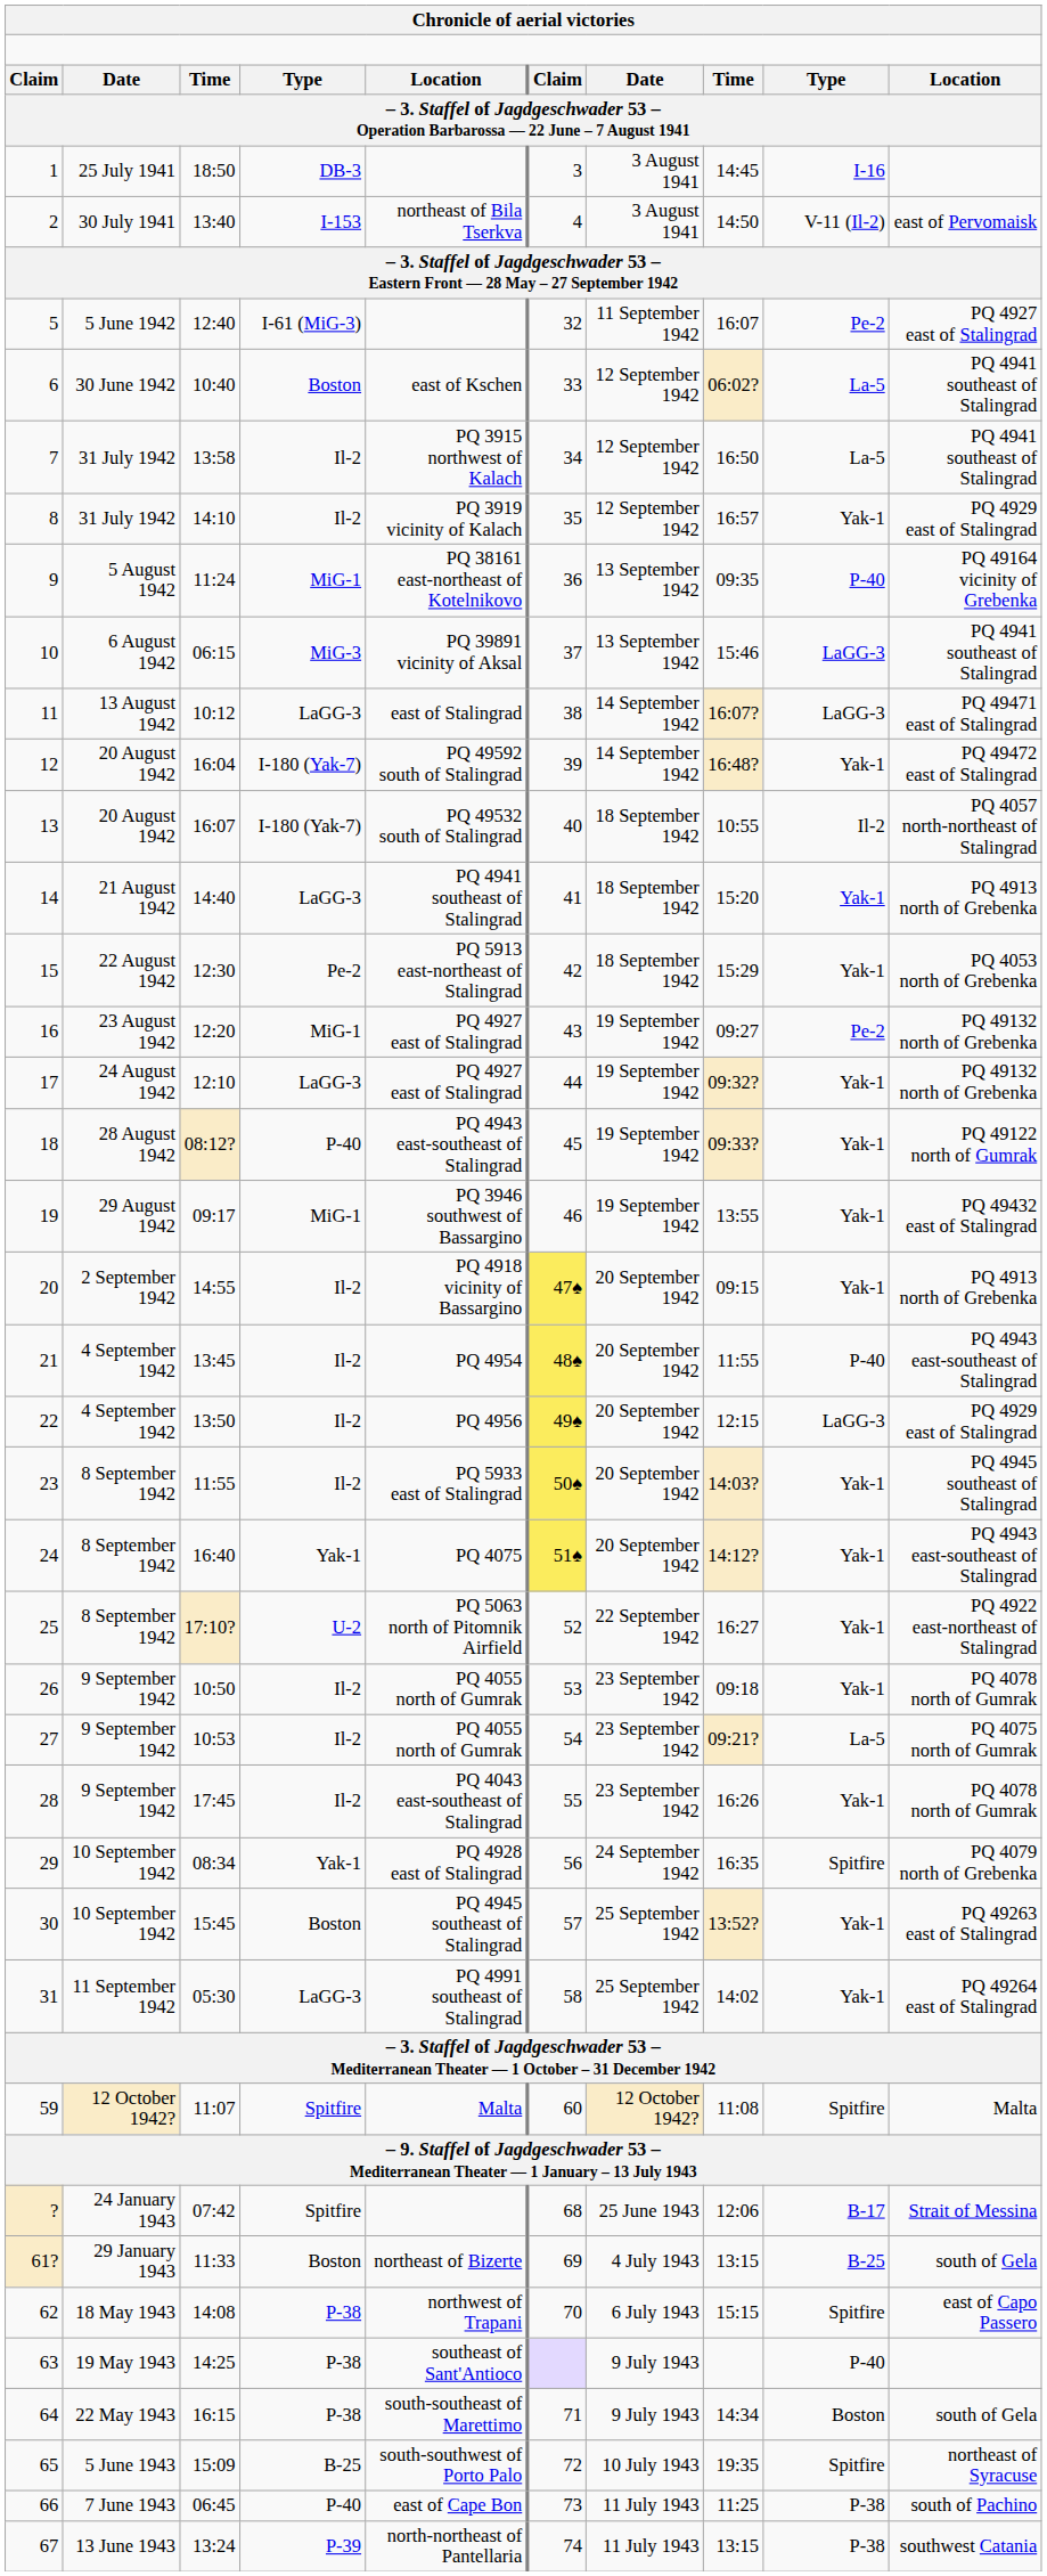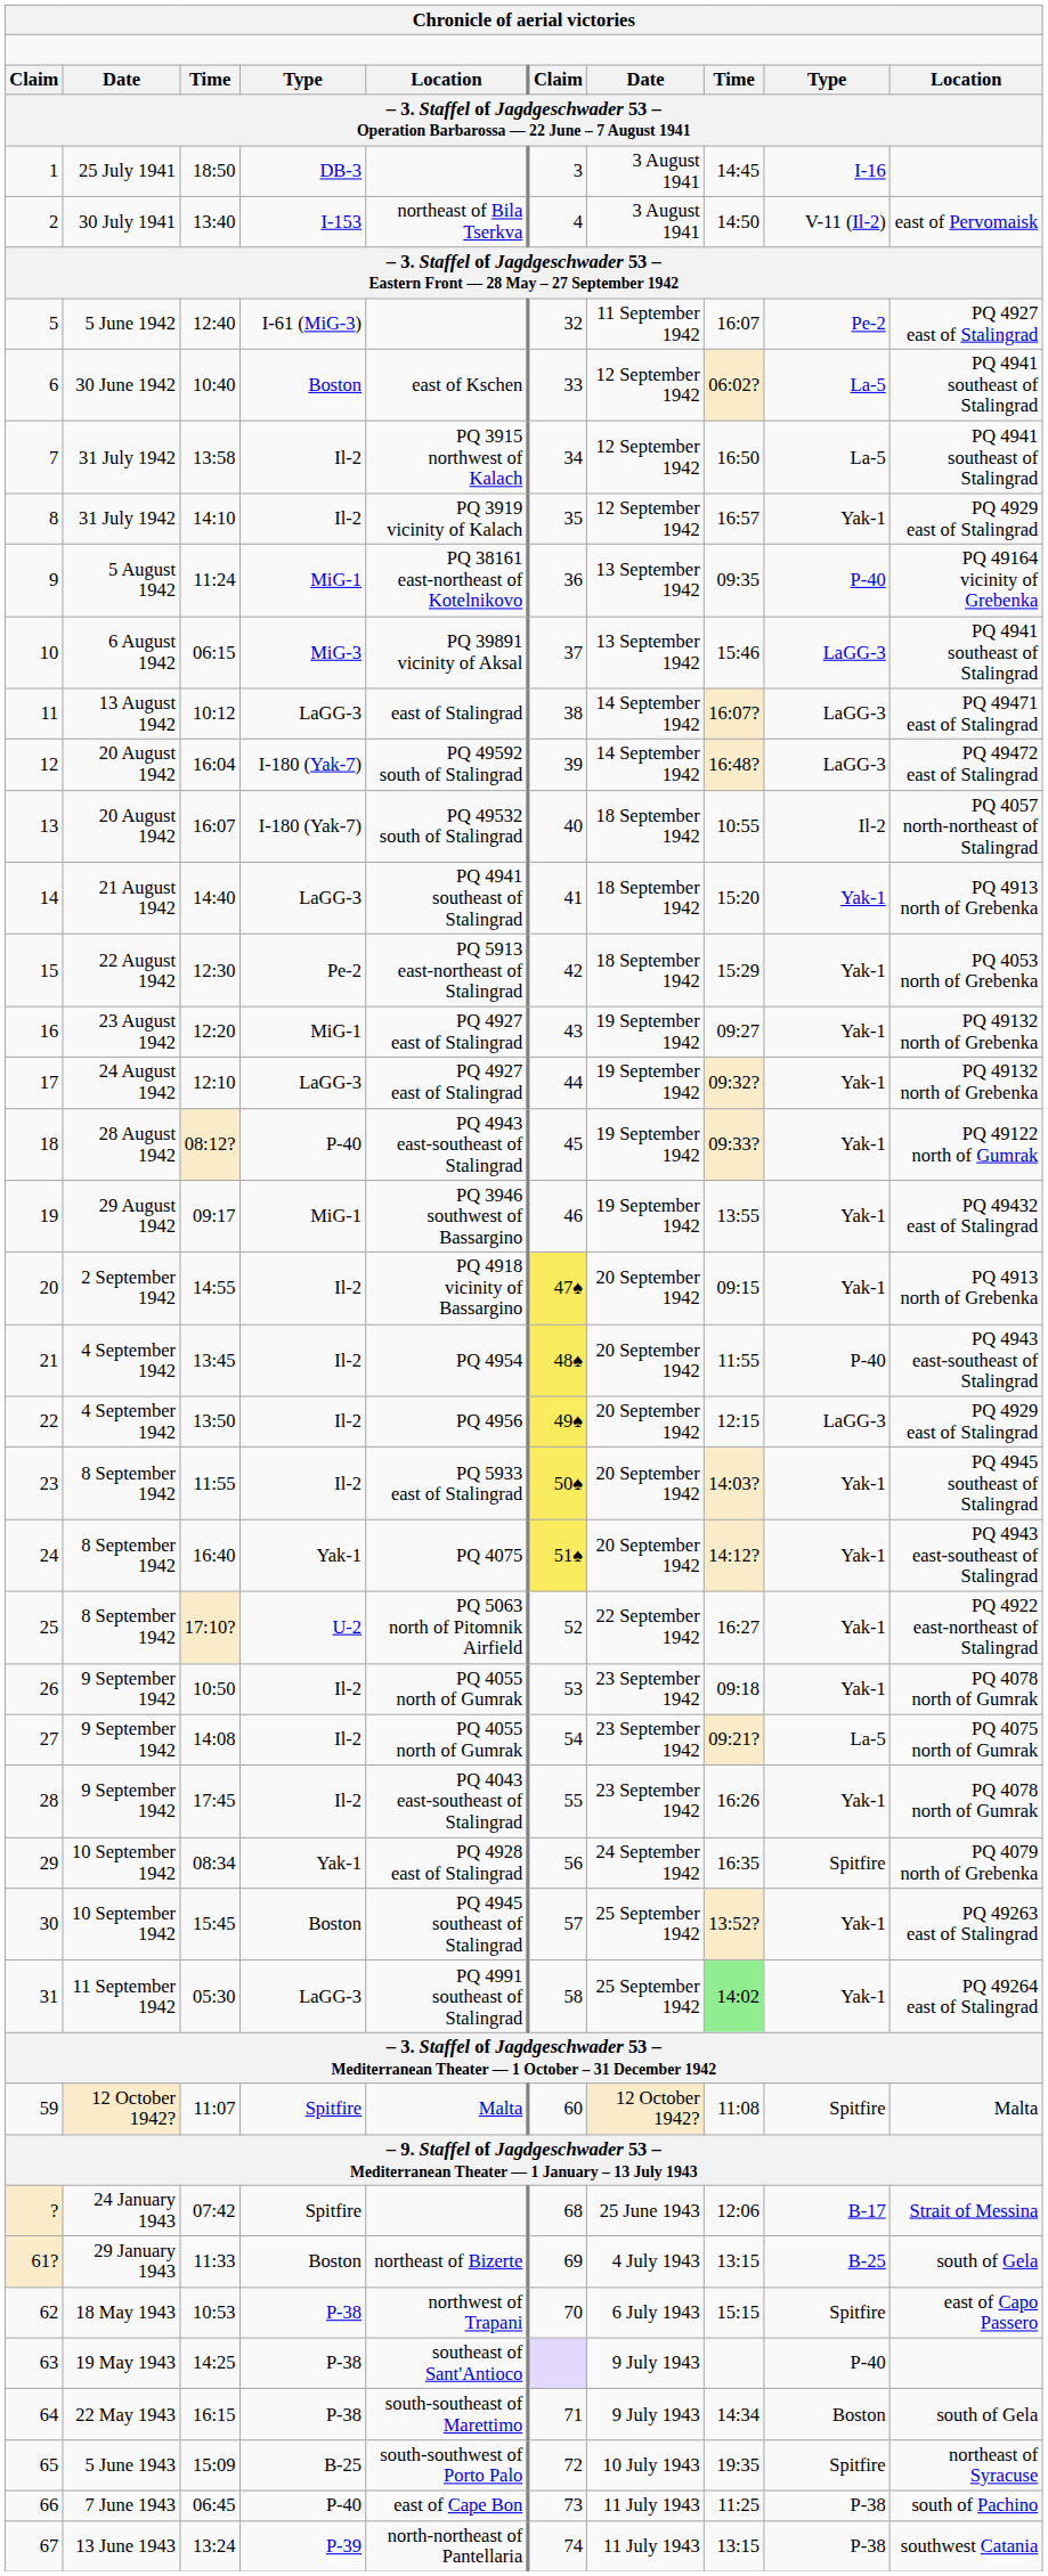 <table class="wikitable plainrowheaders collapsible" style="margin-left: auto; margin-right: auto; border: none; text-align:right; width: 100%;">
 <tr>
 <th colspan="10">Chronicle of aerial victories</th>
 </tr>
 <tr>
 <td colspan="10" style="text-align: left;"><br>  </td>
 </tr>
 <tr>
 <th scope="col">Claim</th>
 <th scope="col">Date</th>
 <th scope="col">Time</th>
 <th scope="col" width="100px">Type</th>
 <th scope="col">Location</th>
 <th scope="col" style="border-left: 3px solid grey;">Claim</th>
 <th scope="col">Date</th>
 <th scope="col">Time</th>
 <th scope="col" width="100px">Type</th>
 <th scope="col">Location</th>
 </tr>
 <tr>
 <th colspan="10">– 3. <em>Staffel</em> of <em>Jagdgeschwader</em> 53 –<br><small>Operation Barbarossa — 22 June – 7 August 1941</small></th>
 </tr>
 <tr>
 <td>1</td>
 <td>25 July 1941</td>
 <td>18:50</td>
 <td><a href='#'>DB-3</a></td>
 <td></td>
 <td style="border-left: 3px solid grey;">3</td>
 <td>3 August 1941</td>
 <td>14:45</td>
 <td><a href='#'>I-16</a></td>
 <td></td>
 </tr>
 <tr>
 <td>2</td>
 <td>30 July 1941</td>
 <td>13:40</td>
 <td><a href='#'>I-153</a></td>
 <td>northeast of <a href='#'>Bila Tserkva</a></td>
 <td style="border-left: 3px solid grey;">4</td>
 <td>3 August 1941</td>
 <td>14:50</td>
 <td>V-11 (<a href='#'>Il-2</a>)</td>
 <td>east of <a href='#'>Pervomaisk</a></td>
 </tr>
 <tr>
 <th colspan="10">– 3. <em>Staffel</em> of <em>Jagdgeschwader</em> 53 –<br><small>Eastern Front — 28 May – 27 September 1942</small></th>
 </tr>
 <tr>
 <td>5</td>
 <td>5 June 1942</td>
 <td>12:40</td>
 <td>I-61 (<a href='#'>MiG-3</a>)</td>
 <td></td>
 <td style="border-left: 3px solid grey;">32</td>
 <td>11 September 1942</td>
 <td>16:07</td>
 <td><a href='#'>Pe-2</a></td>
 <td>PQ 4927<br> east of <a href='#'>Stalingrad</a></td>
 </tr>
 <tr>
 <td>6</td>
 <td>30 June 1942</td>
 <td>10:40</td>
 <td><a href='#'>Boston</a></td>
 <td> east of Kschen</td>
 <td style="border-left: 3px solid grey;">33</td>
 <td>12 September 1942</td>
 <td style="background:#faecc8">06:02?</td>
 <td><a href='#'>La-5</a></td>
 <td>PQ 4941<br> southeast of Stalingrad</td>
 </tr>
 <tr>
 <td>7</td>
 <td>31 July 1942</td>
 <td>13:58</td>
 <td>Il-2</td>
 <td>PQ 3915<br> northwest of <a href='#'>Kalach</a></td>
 <td style="border-left: 3px solid grey;">34</td>
 <td>12 September 1942</td>
 <td>16:50</td>
 <td>La-5</td>
 <td>PQ 4941<br> southeast of Stalingrad</td>
 </tr>
 <tr>
 <td>8</td>
 <td>31 July 1942</td>
 <td>14:10</td>
 <td>Il-2</td>
 <td>PQ 3919<br>vicinity of Kalach</td>
 <td style="border-left: 3px solid grey;">35</td>
 <td>12 September 1942</td>
 <td>16:57</td>
 <td>Yak-1</td>
 <td>PQ 4929<br> east of Stalingrad</td>
 </tr>
 <tr>
 <td>9</td>
 <td>5 August 1942</td>
 <td>11:24</td>
 <td><a href='#'>MiG-1</a></td>
 <td>PQ 38161<br> east-northeast of <a href='#'>Kotelnikovo</a></td>
 <td style="border-left: 3px solid grey;">36</td>
 <td>13 September 1942</td>
 <td>09:35</td>
 <td><a href='#'>P-40</a></td>
 <td>PQ 49164<br>vicinity of <a href='#'>Grebenka</a></td>
 </tr>
 <tr>
 <td>10</td>
 <td>6 August 1942</td>
 <td>06:15</td>
 <td><a href='#'>MiG-3</a></td>
 <td>PQ 39891<br>vicinity of Aksal</td>
 <td style="border-left: 3px solid grey;">37</td>
 <td>13 September 1942</td>
 <td>15:46</td>
 <td><a href='#'>LaGG-3</a></td>
 <td>PQ 4941<br> southeast of Stalingrad</td>
 </tr>
 <tr>
 <td>11</td>
 <td>13 August 1942</td>
 <td>10:12</td>
 <td>LaGG-3</td>
 <td>east of Stalingrad</td>
 <td style="border-left: 3px solid grey;">38</td>
 <td>14 September 1942</td>
 <td style="background:#faecc8">16:07?</td>
 <td>LaGG-3</td>
 <td>PQ 49471<br> east of Stalingrad</td>
 </tr>
 <tr>
 <td>12</td>
 <td>20 August 1942</td>
 <td>16:04</td>
 <td>I-180 (<a href='#'>Yak-7</a>)</td>
 <td>PQ 49592<br> south of Stalingrad</td>
 <td style="border-left: 3px solid grey;">39</td>
 <td>14 September 1942</td>
 <td style="background:#faecc8">16:48?</td>
-<td>Yak-1</td>
+<td>LaGG-3</td>
 <td>PQ 49472<br> east of Stalingrad</td>
 </tr>
 <tr>
 <td>13</td>
 <td>20 August 1942</td>
 <td>16:07</td>
 <td>I-180 (Yak-7)</td>
 <td>PQ 49532<br> south of Stalingrad</td>
 <td style="border-left: 3px solid grey;">40</td>
 <td>18 September 1942</td>
 <td>10:55</td>
 <td>Il-2</td>
 <td>PQ 4057<br> north-northeast of Stalingrad</td>
 </tr>
 <tr>
 <td>14</td>
 <td>21 August 1942</td>
 <td>14:40</td>
 <td>LaGG-3</td>
 <td>PQ 4941<br> southeast of Stalingrad</td>
 <td style="border-left: 3px solid grey;">41</td>
 <td>18 September 1942</td>
 <td>15:20</td>
 <td><a href='#'>Yak-1</a></td>
 <td>PQ 4913<br> north of Grebenka</td>
 </tr>
 <tr>
 <td>15</td>
 <td>22 August 1942</td>
 <td>12:30</td>
 <td>Pe-2</td>
 <td>PQ 5913<br> east-northeast of Stalingrad</td>
 <td style="border-left: 3px solid grey;">42</td>
 <td>18 September 1942</td>
 <td>15:29</td>
 <td>Yak-1</td>
 <td>PQ 4053<br> north of Grebenka</td>
 </tr>
 <tr>
 <td>16</td>
 <td>23 August 1942</td>
 <td>12:20</td>
 <td>MiG-1</td>
 <td>PQ 4927<br> east of Stalingrad</td>
 <td style="border-left: 3px solid grey;">43</td>
 <td>19 September 1942</td>
 <td>09:27</td>
-<td><a href='#'>Pe-2</a></td>
+<td>Yak-1</td>
 <td>PQ 49132<br> north of Grebenka</td>
 </tr>
 <tr>
 <td>17</td>
 <td>24 August 1942</td>
 <td>12:10</td>
 <td>LaGG-3</td>
 <td>PQ 4927<br> east of Stalingrad</td>
 <td style="border-left: 3px solid grey;">44</td>
 <td>19 September 1942</td>
 <td style="background:#faecc8">09:32?</td>
 <td>Yak-1</td>
 <td>PQ 49132<br> north of Grebenka</td>
 </tr>
 <tr>
 <td>18</td>
 <td>28 August 1942</td>
 <td style="background:#faecc8">08:12?</td>
 <td>P-40</td>
 <td>PQ 4943<br> east-southeast of Stalingrad</td>
 <td style="border-left: 3px solid grey;">45</td>
 <td>19 September 1942</td>
 <td style="background:#faecc8">09:33?</td>
 <td>Yak-1</td>
 <td>PQ 49122<br> north of <a href='#'>Gumrak</a></td>
 </tr>
 <tr>
 <td>19</td>
 <td>29 August 1942</td>
 <td>09:17</td>
 <td>MiG-1</td>
 <td>PQ 3946<br> southwest of Bassargino</td>
 <td style="border-left: 3px solid grey;">46</td>
 <td>19 September 1942</td>
 <td>13:55</td>
 <td>Yak-1</td>
 <td>PQ 49432<br> east of Stalingrad</td>
 </tr>
 <tr>
 <td>20</td>
 <td>2 September 1942</td>
 <td>14:55</td>
 <td>Il-2</td>
 <td>PQ 4918<br>vicinity of Bassargino</td>
 <td style="border-left: 3px solid grey; background:#fbec5d;">47♠</td>
 <td>20 September 1942</td>
 <td>09:15</td>
 <td>Yak-1</td>
 <td>PQ 4913<br> north of Grebenka</td>
 </tr>
 <tr>
 <td>21</td>
 <td>4 September 1942</td>
 <td>13:45</td>
 <td>Il-2</td>
 <td>PQ 4954</td>
 <td style="border-left: 3px solid grey; background:#fbec5d;">48♠</td>
 <td>20 September 1942</td>
 <td>11:55</td>
 <td>P-40</td>
 <td>PQ 4943<br> east-southeast of Stalingrad</td>
 </tr>
 <tr>
 <td>22</td>
 <td>4 September 1942</td>
 <td>13:50</td>
 <td>Il-2</td>
 <td>PQ 4956</td>
 <td style="border-left: 3px solid grey; background:#fbec5d;">49♠</td>
 <td>20 September 1942</td>
 <td>12:15</td>
 <td>LaGG-3</td>
 <td>PQ 4929<br> east of Stalingrad</td>
 </tr>
 <tr>
 <td>23</td>
 <td>8 September 1942</td>
 <td>11:55</td>
 <td>Il-2</td>
 <td>PQ 5933<br> east of Stalingrad</td>
 <td style="border-left: 3px solid grey; background:#fbec5d;">50♠</td>
 <td>20 September 1942</td>
 <td style="background:#faecc8">14:03?</td>
 <td>Yak-1</td>
 <td>PQ 4945<br> southeast of Stalingrad</td>
 </tr>
 <tr>
 <td>24</td>
 <td>8 September 1942</td>
 <td>16:40</td>
 <td>Yak-1</td>
 <td>PQ 4075</td>
 <td style="border-left: 3px solid grey; background:#fbec5d;">51♠</td>
 <td>20 September 1942</td>
 <td style="background:#faecc8">14:12?</td>
 <td>Yak-1</td>
 <td>PQ 4943<br> east-southeast of Stalingrad</td>
 </tr>
 <tr>
 <td>25</td>
 <td>8 September 1942</td>
 <td style="background:#faecc8">17:10?</td>
 <td><a href='#'>U-2</a></td>
 <td>PQ 5063<br> north of Pitomnik Airfield</td>
 <td style="border-left: 3px solid grey;">52</td>
 <td>22 September 1942</td>
 <td>16:27</td>
 <td>Yak-1</td>
 <td>PQ 4922<br> east-northeast of Stalingrad</td>
 </tr>
 <tr>
 <td>26</td>
 <td>9 September 1942</td>
 <td>10:50</td>
 <td>Il-2</td>
 <td>PQ 4055<br> north of Gumrak</td>
 <td style="border-left: 3px solid grey;">53</td>
 <td>23 September 1942</td>
 <td>09:18</td>
 <td>Yak-1</td>
 <td>PQ 4078<br> north of Gumrak</td>
 </tr>
 <tr>
 <td>27</td>
 <td>9 September 1942</td>
-<td>10:53</td>
+<td>14:08</td>
 <td>Il-2</td>
 <td>PQ 4055<br> north of Gumrak</td>
 <td style="border-left: 3px solid grey;">54</td>
 <td>23 September 1942</td>
 <td style="background:#faecc8">09:21?</td>
 <td>La-5</td>
 <td>PQ 4075<br> north of Gumrak</td>
 </tr>
 <tr>
 <td>28</td>
 <td>9 September 1942</td>
 <td>17:45</td>
 <td>Il-2</td>
 <td>PQ 4043<br> east-southeast of Stalingrad</td>
 <td style="border-left: 3px solid grey;">55</td>
 <td>23 September 1942</td>
 <td>16:26</td>
 <td>Yak-1</td>
 <td>PQ 4078<br> north of Gumrak</td>
 </tr>
 <tr>
 <td>29</td>
 <td>10 September 1942</td>
 <td>08:34</td>
 <td>Yak-1</td>
 <td>PQ 4928<br> east of Stalingrad</td>
 <td style="border-left: 3px solid grey;">56</td>
 <td>24 September 1942</td>
 <td>16:35</td>
 <td>Spitfire</td>
 <td>PQ 4079<br> north of Grebenka</td>
 </tr>
 <tr>
 <td>30</td>
 <td>10 September 1942</td>
 <td>15:45</td>
 <td>Boston</td>
 <td>PQ 4945<br> southeast of Stalingrad</td>
 <td style="border-left: 3px solid grey;">57</td>
 <td>25 September 1942</td>
 <td style="background:#faecc8">13:52?</td>
 <td>Yak-1</td>
 <td>PQ 49263<br> east of Stalingrad</td>
 </tr>
 <tr>
 <td>31</td>
 <td>11 September 1942</td>
 <td>05:30</td>
 <td>LaGG-3</td>
 <td>PQ 4991<br> southeast of Stalingrad</td>
 <td style="border-left: 3px solid grey;">58</td>
 <td>25 September 1942</td>
-<td>14:02</td>
+<td style="background: lightgreen;">14:02</td>
 <td>Yak-1</td>
 <td>PQ 49264<br> east of Stalingrad</td>
 </tr>
 <tr>
 <th colspan="10">– 3. <em>Staffel</em> of <em>Jagdgeschwader</em> 53 –<br><small>Mediterranean Theater — 1 October – 31 December 1942</small></th>
 </tr>
 <tr>
 <td>59</td>
 <td style="background:#faecc8">12 October 1942?</td>
 <td>11:07</td>
 <td><a href='#'>Spitfire</a></td>
 <td><a href='#'>Malta</a></td>
 <td style="border-left: 3px solid grey;">60</td>
 <td style="background:#faecc8">12 October 1942?</td>
 <td>11:08</td>
 <td>Spitfire</td>
 <td>Malta</td>
 </tr>
 <tr>
 <th colspan="10">– 9. <em>Staffel</em> of <em>Jagdgeschwader</em> 53 –<br><small>Mediterranean Theater — 1 January – 13 July 1943</small></th>
 </tr>
 <tr>
 <td style="background:#faecc8">?</td>
 <td>24 January 1943</td>
 <td>07:42</td>
 <td>Spitfire</td>
 <td></td>
 <td style="border-left: 3px solid grey;">68</td>
 <td>25 June 1943</td>
 <td>12:06</td>
 <td><a href='#'>B-17</a></td>
 <td><a href='#'>Strait of Messina</a></td>
 </tr>
 <tr>
 <td style="background:#faecc8">61?</td>
 <td>29 January 1943</td>
 <td>11:33</td>
 <td>Boston</td>
 <td> northeast of <a href='#'>Bizerte</a></td>
 <td style="border-left: 3px solid grey;">69</td>
 <td>4 July 1943</td>
 <td>13:15</td>
 <td><a href='#'>B-25</a></td>
 <td> south of <a href='#'>Gela</a></td>
 </tr>
 <tr>
 <td>62</td>
 <td>18 May 1943</td>
-<td>14:08</td>
+<td>10:53</td>
 <td><a href='#'>P-38</a></td>
 <td> northwest of <a href='#'>Trapani</a></td>
 <td style="border-left: 3px solid grey;">70</td>
 <td>6 July 1943</td>
 <td>15:15</td>
 <td>Spitfire</td>
 <td> east of <a href='#'>Capo Passero</a></td>
 </tr>
 <tr>
 <td>63</td>
 <td>19 May 1943</td>
 <td>14:25</td>
 <td>P-38</td>
 <td>southeast of <a href='#'>Sant'Antioco</a></td>
 <td style="border-left: 3px solid grey; background:#e3d9ff;"></td>
 <td>9 July 1943</td>
 <td></td>
 <td>P-40</td>
 <td></td>
 </tr>
 <tr>
 <td>64</td>
 <td>22 May 1943</td>
 <td>16:15</td>
 <td>P-38</td>
 <td> south-southeast of <a href='#'>Marettimo</a></td>
 <td style="border-left: 3px solid grey;">71</td>
 <td>9 July 1943</td>
 <td>14:34</td>
 <td>Boston</td>
 <td> south of Gela</td>
 </tr>
 <tr>
 <td>65</td>
 <td>5 June 1943</td>
 <td>15:09</td>
 <td>B-25</td>
 <td> south-southwest of <a href='#'>Porto Palo</a></td>
 <td style="border-left: 3px solid grey;">72</td>
 <td>10 July 1943</td>
 <td>19:35</td>
 <td>Spitfire</td>
 <td> northeast of <a href='#'>Syracuse</a></td>
 </tr>
 <tr>
 <td>66</td>
 <td>7 June 1943</td>
 <td>06:45</td>
 <td>P-40</td>
 <td> east of <a href='#'>Cape Bon</a></td>
 <td style="border-left: 3px solid grey;">73</td>
 <td>11 July 1943</td>
 <td>11:25</td>
 <td>P-38</td>
 <td> south of <a href='#'>Pachino</a></td>
 </tr>
 <tr>
 <td>67</td>
 <td>13 June 1943</td>
 <td>13:24</td>
 <td><a href='#'>P-39</a></td>
 <td> north-northeast of Pantellaria</td>
 <td style="border-left: 3px solid grey;">74</td>
 <td>11 July 1943</td>
 <td>13:15</td>
 <td>P-38</td>
 <td> southwest <a href='#'>Catania</a></td>
 </tr>
 </table>
